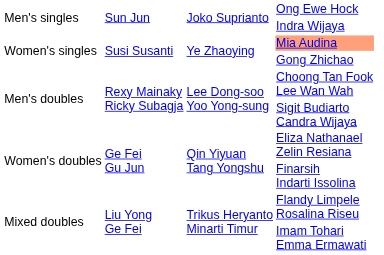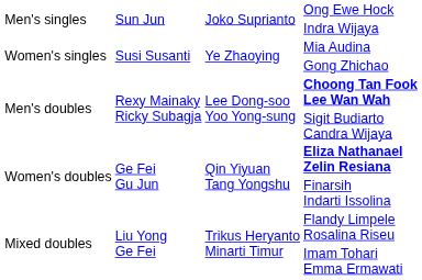 <table>
 <tr>
 <td rowspan=2>Men's singles</td>
 <td rowspan=2> <a href='#'>Sun Jun</a></td>
 <td rowspan=2> <a href='#'>Joko Suprianto</a></td>
 <td> <a href='#'>Ong Ewe Hock</a></td>
 </tr>
 <tr>
 <td> <a href='#'>Indra Wijaya</a></td>
 </tr>
 <tr>
 <td rowspan=2>Women's singles</td>
 <td rowspan=2> <a href='#'>Susi Susanti</a></td>
 <td rowspan=2> <a href='#'>Ye Zhaoying</a></td>
-<td style="background: lightsalmon;"> <a href='#'>Mia Audina</a></td>
+<td> <a href='#'>Mia Audina</a></td>
 </tr>
 <tr>
 <td> <a href='#'>Gong Zhichao</a></td>
 </tr>
 <tr>
 <td rowspan=2>Men's doubles</td>
 <td rowspan=2> <a href='#'>Rexy Mainaky</a><br> <a href='#'>Ricky Subagja</a></td>
 <td rowspan=2> <a href='#'>Lee Dong-soo</a><br> <a href='#'>Yoo Yong-sung</a></td>
-<td> <a href='#'>Choong Tan Fook</a><br> <a href='#'>Lee Wan Wah</a></td>
+<td><strong> <a href='#'>Choong Tan Fook</a><br> <a href='#'>Lee Wan Wah</a></strong></td>
 </tr>
 <tr>
 <td> <a href='#'>Sigit Budiarto</a><br> <a href='#'>Candra Wijaya</a></td>
 </tr>
 <tr>
 <td rowspan=2>Women's doubles</td>
 <td rowspan=2> <a href='#'>Ge Fei</a><br> <a href='#'>Gu Jun</a></td>
 <td rowspan=2> <a href='#'>Qin Yiyuan</a><br> <a href='#'>Tang Yongshu</a></td>
-<td> <a href='#'>Eliza Nathanael</a><br> <a href='#'>Zelin Resiana</a></td>
+<td><strong> <a href='#'>Eliza Nathanael</a><br> <a href='#'>Zelin Resiana</a></strong></td>
 </tr>
 <tr>
 <td> <a href='#'>Finarsih</a><br> <a href='#'>Indarti Issolina</a></td>
 </tr>
 <tr>
 <td rowspan=2>Mixed doubles</td>
 <td rowspan=2> <a href='#'>Liu Yong</a><br> <a href='#'>Ge Fei</a></td>
 <td rowspan=2> <a href='#'>Trikus Heryanto</a><br> <a href='#'>Minarti Timur</a></td>
 <td> <a href='#'>Flandy Limpele</a><br> <a href='#'>Rosalina Riseu</a></td>
 </tr>
 <tr>
 <td> <a href='#'>Imam Tohari</a><br> <a href='#'>Emma Ermawati</a></td>
 </tr>
 </table>
